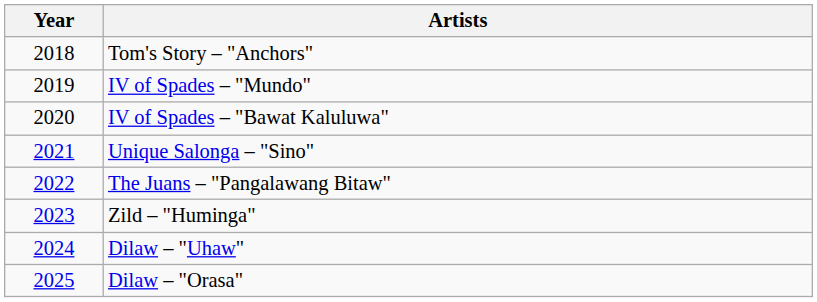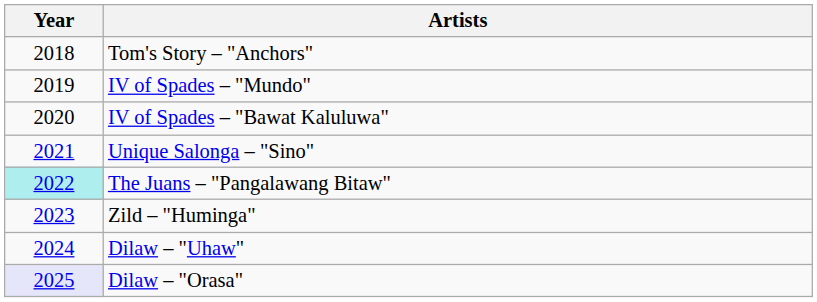 <table class="wikitable sortable"  style="width:50%;">
 <tr>
 <th width=5%  scope="col">Year</th>
 <th width=40%  scope="col">Artists</th>
 </tr>
 <tr>
 <td align="center">2018</td>
 <td>Tom's Story – "Anchors"</td>
 </tr>
 <tr>
 <td align="center">2019</td>
 <td><a href='#'>IV of Spades</a> – "Mundo"</td>
 </tr>
 <tr>
 <td align="center">2020</td>
 <td><a href='#'>IV of Spades</a> – "Bawat Kaluluwa"</td>
 </tr>
 <tr>
 <td align="center"><a href='#'>2021</a></td>
 <td><a href='#'>Unique Salonga</a> – "Sino"</td>
 </tr>
 <tr>
-<td align="center"><a href='#'>2022</a></td>
+<td align="center" style="background: paleturquoise;"><a href='#'>2022</a></td>
 <td><a href='#'>The Juans</a> – "Pangalawang Bitaw"</td>
 </tr>
 <tr>
 <td align="center"><a href='#'>2023</a></td>
 <td>Zild – "Huminga"</td>
 </tr>
 <tr>
 <td align="center"><a href='#'>2024</a></td>
 <td><a href='#'>Dilaw</a> – "<a href='#'>Uhaw</a>"</td>
 </tr>
 <tr>
-<td align="center"><a href='#'>2025</a></td>
+<td align="center" style="background: lavender;"><a href='#'>2025</a></td>
 <td><a href='#'>Dilaw</a> – "Orasa"</td>
 </tr>
 </table>
